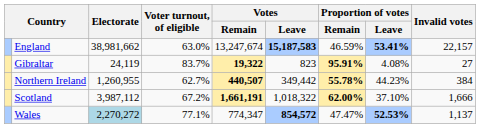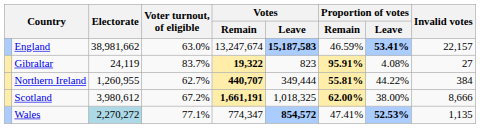 <table class="wikitable sortable">
 <tr>
 <th rowspan=2 colspan=2>Country</th>
 <th rowspan=2>Electorate</th>
 <th rowspan=2>Voter turnout, <br>of eligible</th>
 <th colspan=2>Votes</th>
 <th colspan=2>Proportion of votes</th>
 <th rowspan=2 colspan=2>Invalid votes</th>
 </tr>
 <tr>
 <th>Remain</th>
 <th>Leave</th>
 <th>Remain</th>
 <th>Leave</th>
 </tr>
 <tr>
 <td style="text-align: right; background:#acf;"> </td>
 <td><a href='#'>England</a></td>
 <td style="text-align: right;">38,981,662</td>
 <td style="text-align: right;">63.0%</td>
 <td style="text-align: right;">13,247,674</td>
 <td style="text-align: right; background:#acf;"><strong>15,187,583</strong></td>
 <td style="text-align: right;">46.59%</td>
 <td style="text-align: right; background:#acf;"><strong>53.41%</strong></td>
 <td style="text-align: right;">22,157</td>
 </tr>
 <tr>
 <td style="text-align: right; background:#fea"> </td>
 <td><a href='#'>Gibraltar</a></td>
 <td style="text-align: right;">24,119</td>
 <td style="text-align: right;">83.7%</td>
 <td style="text-align: right; background:#fea;"><strong>19,322</strong></td>
 <td style="text-align: right;">823</td>
 <td style="text-align: right; background:#fea;"><strong>95.91%</strong></td>
 <td style="text-align: right;">4.08%</td>
 <td style="text-align: right;">27</td>
 </tr>
 <tr>
 <td style="text-align: right; background:#fea"> </td>
 <td><a href='#'>Northern Ireland</a></td>
 <td style="text-align: right;">1,260,955</td>
 <td style="text-align: right;">62.7%</td>
-<td style="text-align: right; background:#fea;"><strong>440,507</strong></td>
-<td style="text-align: right;">349,442</td>
-<td style="text-align: right; background:#fea;"><strong>55.78%</strong></td>
-<td style="text-align: right;">44.23%</td>
+<td style="text-align: right; background:#fea;"><strong>440,707</strong></td>
+<td style="text-align: right;">349,444</td>
+<td style="text-align: right; background:#fea;"><strong>55.81%</strong></td>
+<td style="text-align: right;">44.22%</td>
 <td style="text-align: right;">384</td>
 </tr>
 <tr>
 <td style="text-align: right; background:#fea"> </td>
 <td><a href='#'>Scotland</a></td>
-<td style="text-align: right;">3,987,112</td>
+<td style="text-align: right;">3,980,612</td>
 <td style="text-align: right;">67.2%</td>
 <td style="text-align: right; background:#fea;"><strong>1,661,191</strong></td>
-<td style="text-align: right;">1,018,322</td>
+<td style="text-align: right;">1,018,325</td>
 <td style="text-align: right; background:#fea;"><strong>62.00%</strong></td>
-<td style="text-align: right;">37.10%</td>
-<td style="text-align: right;">1,666</td>
+<td style="text-align: right;">38.00%</td>
+<td style="text-align: right;">8,666</td>
 </tr>
 <tr>
 <td style="text-align: right; background:#acf;"> </td>
 <td><a href='#'>Wales</a></td>
 <td style="background: lightblue; text-align: right;">2,270,272</td>
 <td style="text-align: right;">77.1%</td>
 <td style="text-align: right;">774,347</td>
 <td style="text-align: right; background:#acf;"><strong>854,572</strong></td>
-<td style="text-align: right;">47.47%</td>
+<td style="text-align: right;">47.41%</td>
 <td style="text-align: right; background:#acf;"><strong>52.53%</strong></td>
-<td style="text-align: right;">1,137</td>
+<td style="text-align: right;">1,135</td>
 </tr>
 </table>
